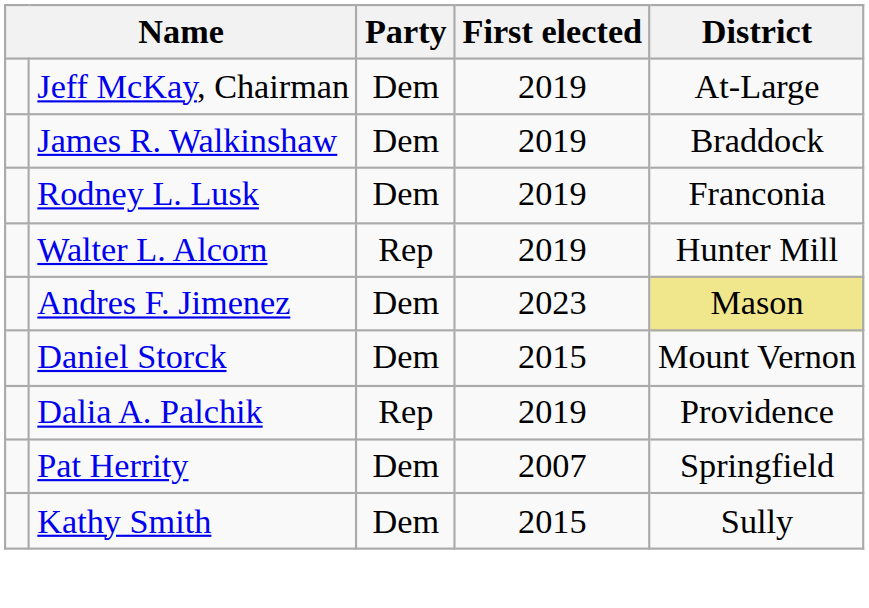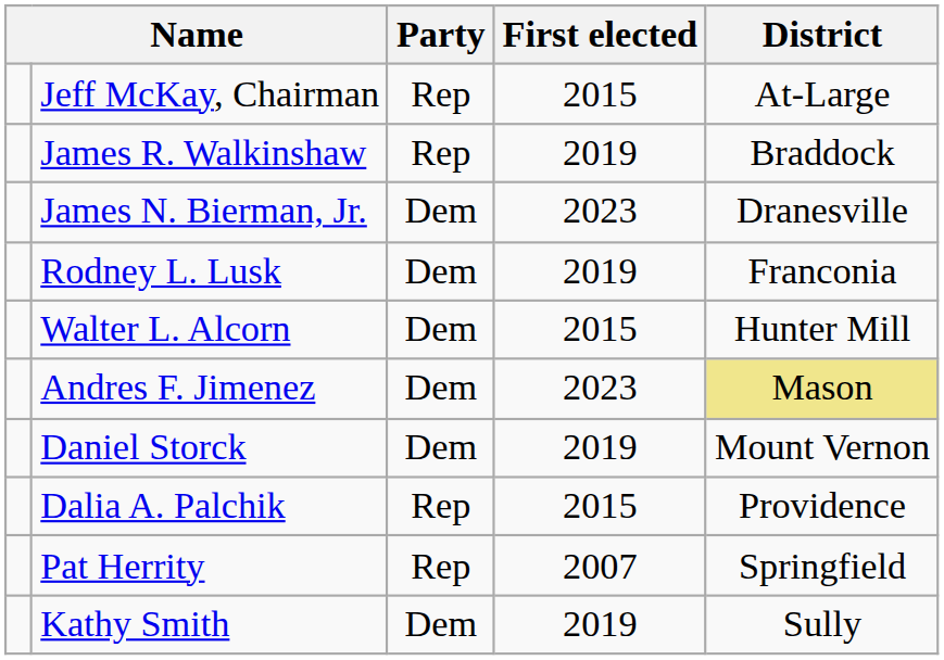 <table class=wikitable>
 <tr>
 <th colspan=2 align=center>Name</th>
 <th align=center valign=bottom>Party</th>
 <th valign=bottom align=center>First elected</th>
 <th valign=bottom align=center>District</th>
 </tr>
 <tr>
 <td style="background-color:"> </td>
 <td><a href='#'>Jeff McKay</a>, Chairman</td>
-<td style="text-align:center;">Dem</td>
-<td style="text-align:center;">2019</td>
+<td style="text-align:center;">Rep</td>
+<td style="text-align:center;">2015</td>
 <td style="text-align:center;">At-Large</td>
 </tr>
 <tr>
 <td style="background-color:"> </td>
 <td><a href='#'>James R. Walkinshaw</a></td>
-<td style="text-align:center;">Dem</td>
+<td style="text-align:center;">Rep</td>
 <td style="text-align:center;">2019</td>
 <td style="text-align:center;">Braddock</td>
+</tr>
+<tr>
+<td style="background-color:"> </td>
+<td><a href='#'>James N. Bierman, Jr.</a></td>
+<td style="text-align:center;">Dem</td>
+<td style="text-align:center;">2023</td>
+<td style="text-align:center;">Dranesville</td>
 </tr>
 <tr>
 <td style="background-color:"> </td>
 <td><a href='#'>Rodney L. Lusk</a></td>
 <td style="text-align:center;">Dem</td>
 <td style="text-align:center;">2019</td>
 <td style="text-align:center;">Franconia</td>
 </tr>
 <tr>
 <td style="background-color:"> </td>
 <td><a href='#'>Walter L. Alcorn</a></td>
-<td style="text-align:center;">Rep</td>
-<td style="text-align:center;">2019</td>
+<td style="text-align:center;">Dem</td>
+<td style="text-align:center;">2015</td>
 <td style="text-align:center;">Hunter Mill</td>
 </tr>
 <tr>
 <td style="background-color:"> </td>
 <td><a href='#'>Andres F. Jimenez</a></td>
 <td style="text-align:center;">Dem</td>
 <td style="text-align:center;">2023</td>
 <td style="background: khaki; text-align:center;">Mason</td>
 </tr>
 <tr>
 <td style="background-color:"> </td>
 <td><a href='#'>Daniel Storck</a></td>
 <td style="text-align:center;">Dem</td>
-<td style="text-align:center;">2015</td>
+<td style="text-align:center;">2019</td>
 <td style="text-align:center;">Mount Vernon</td>
 </tr>
 <tr>
 <td style="background-color:"> </td>
 <td><a href='#'>Dalia A. Palchik</a></td>
 <td style="text-align:center;">Rep</td>
-<td style="text-align:center;">2019</td>
+<td style="text-align:center;">2015</td>
 <td style="text-align:center;">Providence</td>
 </tr>
 <tr>
 <td style="background-color:"> </td>
 <td><a href='#'>Pat Herrity</a></td>
-<td style="text-align:center;">Dem</td>
+<td style="text-align:center;">Rep</td>
 <td style="text-align:center;">2007</td>
 <td style="text-align:center;">Springfield</td>
 </tr>
 <tr>
 <td style="background-color:"> </td>
 <td><a href='#'>Kathy Smith</a></td>
 <td style="text-align:center;">Dem</td>
-<td style="text-align:center;">2015</td>
+<td style="text-align:center;">2019</td>
 <td style="text-align:center;">Sully</td>
 </tr>
 </table>
